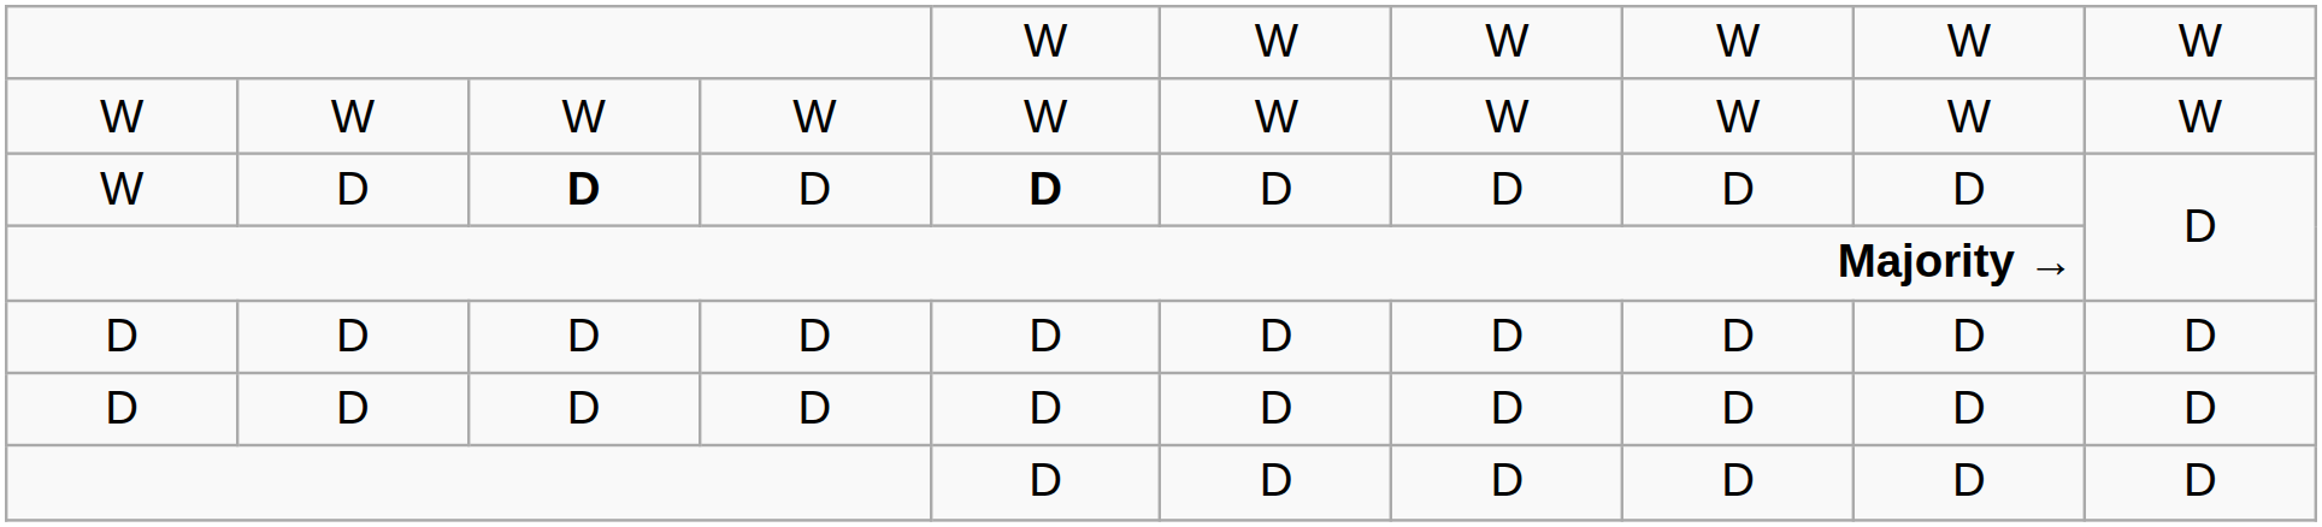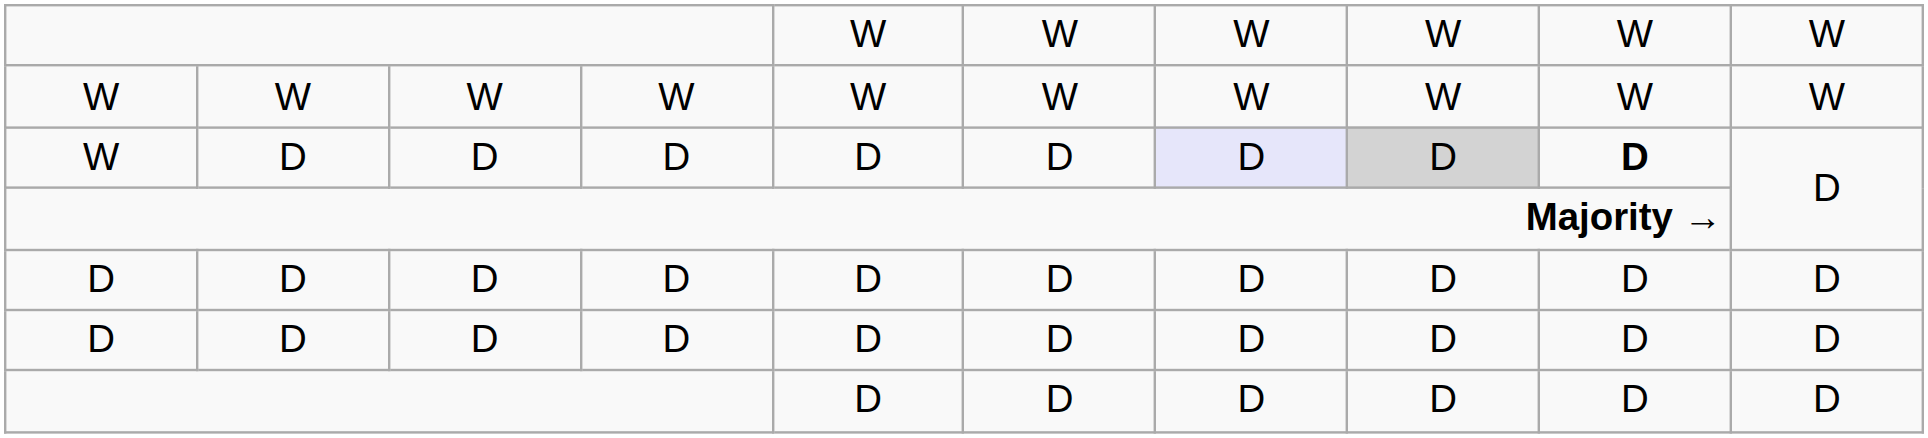 <table class="wikitable" style="text-align:center" width=800px>
 <tr>
 <td colspan=4></td>
 <td>W<br></td>
 <td>W<br></td>
 <td>W<br></td>
 <td>W<br></td>
 <td>W<br></td>
 <td>W<br></td>
 </tr>
 <tr>
 <td width=50px >W</td>
 <td width=50px >W</td>
 <td width=50px >W</td>
 <td width=50px >W</td>
 <td width=50px >W<br></td>
 <td width=50px >W<br></td>
 <td width=50px >W<br></td>
 <td width=50px >W<br></td>
 <td width=50px >W<br></td>
 <td width=50px >W<br></td>
 </tr>
 <tr>
 <td>W</td>
 <td>D<br></td>
-<td><strong>D</strong></td>
-<td>D</td>
-<td><strong>D</strong></td>
 <td>D</td>
 <td>D</td>
 <td>D</td>
 <td>D</td>
+<td style="background: lavender;">D</td>
+<td style="background: lightgrey;">D</td>
+<td><strong>D</strong></td>
 <td rowspan=2 >D</td>
 </tr>
 <tr>
 <td colspan=9 align=right><strong>Majority →</strong></td>
 </tr>
 <tr>
 <td>D<br></td>
 <td>D<br></td>
 <td>D<br></td>
 <td>D<br></td>
 <td>D<br></td>
 <td>D<br></td>
 <td>D</td>
 <td>D</td>
 <td>D</td>
 <td>D</td>
 </tr>
 <tr>
 <td>D<br></td>
 <td>D<br></td>
 <td>D<br></td>
 <td>D<br></td>
 <td>D<br></td>
 <td>D<br></td>
 <td>D<br></td>
 <td>D<br></td>
 <td>D<br></td>
 <td>D<br></td>
 </tr>
 <tr>
 <td colspan=4></td>
 <td>D<br></td>
 <td>D<br></td>
 <td>D<br></td>
 <td>D<br></td>
 <td>D<br></td>
 <td>D<br></td>
 </tr>
 </table>
